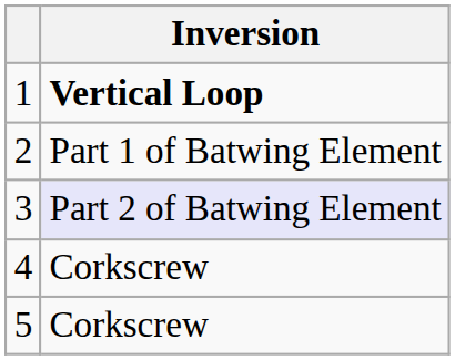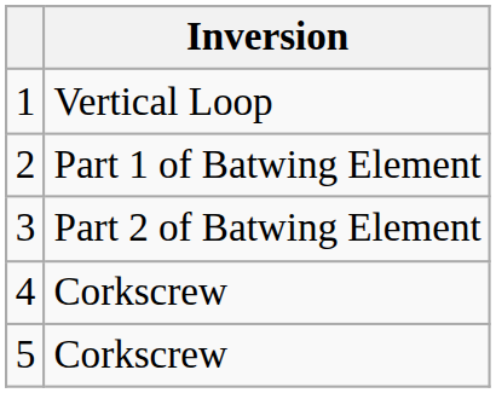 <table class="wikitable">
 <tr>
 <th></th>
 <th>Inversion</th>
 </tr>
 <tr>
 <td>1</td>
-<td><strong>Vertical Loop</strong></td>
+<td>Vertical Loop</td>
 </tr>
 <tr>
 <td>2</td>
 <td>Part 1 of Batwing Element</td>
 </tr>
 <tr>
 <td>3</td>
-<td style="background: lavender;">Part 2 of Batwing Element</td>
+<td>Part 2 of Batwing Element</td>
 </tr>
 <tr>
 <td>4</td>
 <td>Corkscrew</td>
 </tr>
 <tr>
 <td>5</td>
 <td>Corkscrew</td>
 </tr>
 </table>
